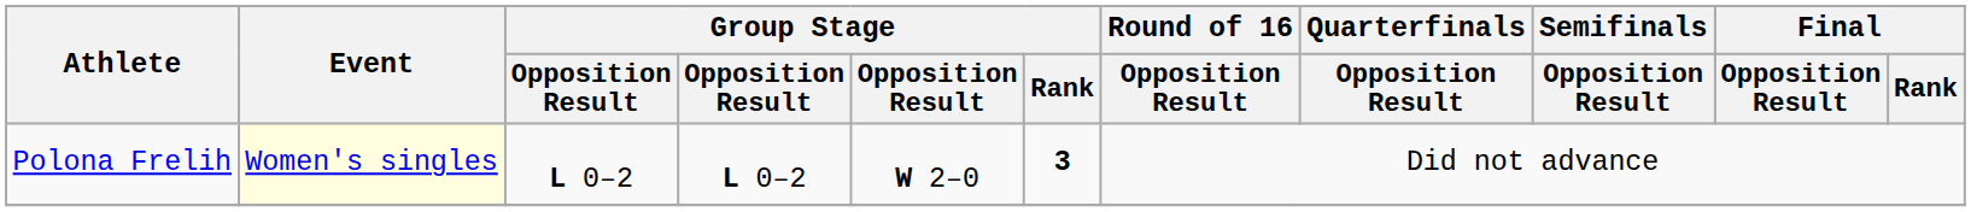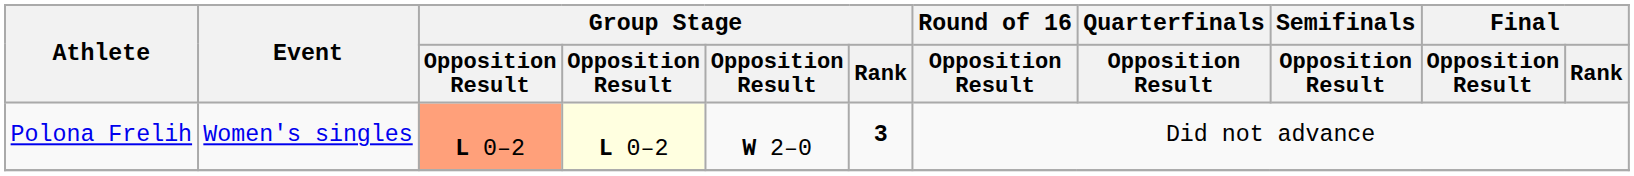 <table class="wikitable" border="1" style="font-size:90%">
 <tr>
 <th rowspan="2">Athlete</th>
 <th rowspan="2">Event</th>
 <th colspan="4">Group Stage</th>
 <th>Round of 16</th>
 <th>Quarterfinals</th>
 <th>Semifinals</th>
 <th colspan=2>Final</th>
 </tr>
 <tr style="font-size:95%">
 <th>Opposition<br>Result</th>
 <th>Opposition<br>Result</th>
 <th>Opposition<br>Result</th>
 <th>Rank</th>
 <th>Opposition<br>Result</th>
 <th>Opposition<br>Result</th>
 <th>Opposition<br>Result</th>
 <th>Opposition<br>Result</th>
 <th>Rank</th>
 </tr>
 <tr>
 <td><a href='#'>Polona Frelih</a></td>
-<td align=center style="background: lightyellow;"><a href='#'>Women's singles</a></td>
-<td align=center><br><strong>L</strong> 0–2</td>
-<td align=center><br><strong>L</strong> 0–2</td>
+<td align=center><a href='#'>Women's singles</a></td>
+<td align=center style="background: lightsalmon;"><br><strong>L</strong> 0–2</td>
+<td align=center style="background: lightyellow;"><br><strong>L</strong> 0–2</td>
 <td align=center><br><strong>W</strong> 2–0</td>
 <td align=center><strong>3</strong></td>
 <td colspan=5 align=center>Did not advance</td>
 </tr>
 <tr>
 </tr>
 </table>
